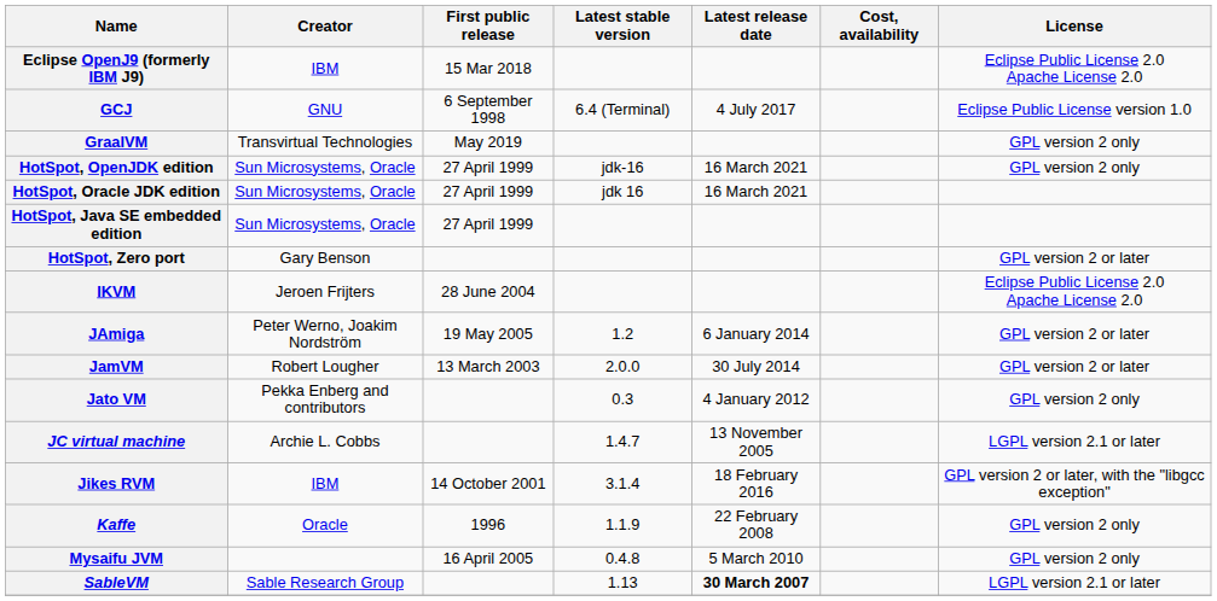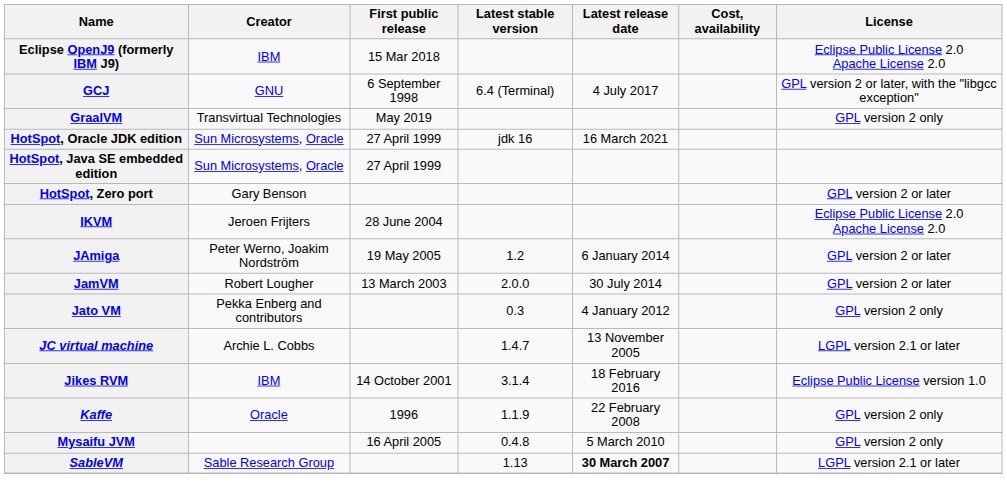 <table class="wikitable sortable sort-under" style="text-align: center; width: auto;">
 <tr>
 <th>Name</th>
 <th>Creator</th>
 <th data-sort-type="isodate">First public release</th>
 <th class="unsortable sort-under">Latest stable version</th>
 <th data-sort-type="isodate">Latest release date</th>
 <th>Cost, availability</th>
 <th>License</th>
 </tr>
 <tr>
 <th>Eclipse <a href='#'>OpenJ9</a> (formerly <a href='#'>IBM</a> J9)</th>
 <td><a href='#'>IBM</a></td>
 <td data-sort-value="2018-03-15">15 Mar 2018</td>
 <td></td>
 <td></td>
 <td></td>
 <td><a href='#'>Eclipse Public License</a> 2.0<br><a href='#'>Apache License</a> 2.0</td>
 </tr>
 <tr>
 <th><a href='#'>GCJ</a></th>
 <td><a href='#'>GNU</a></td>
 <td data-sort-value="1998-09-06">6 September 1998</td>
 <td>6.4 (Terminal)</td>
 <td data-sort-value="2017-07-04">4 July 2017</td>
 <td></td>
-<td><a href='#'>Eclipse Public License</a> version 1.0</td>
+<td><a href='#'>GPL</a> version 2 or later, with the "libgcc exception"</td>
 </tr>
 <tr>
 <th><a href='#'>GraalVM</a></th>
 <td>Transvirtual Technologies</td>
 <td data-sort-value="2019-05-01">May 2019</td>
 <td></td>
 <td></td>
-<td></td>
-<td><a href='#'>GPL</a> version 2 only</td>
-</tr>
-<tr>
-<th><a href='#'>HotSpot</a>, <a href='#'>OpenJDK</a> edition</th>
-<td><a href='#'>Sun Microsystems</a>, <a href='#'>Oracle</a></td>
-<td data-sort-value="1999-04-27">27 April 1999</td>
-<td>jdk-16</td>
-<td data-sort-value="2021-03-16">16 March 2021</td>
 <td></td>
 <td><a href='#'>GPL</a> version 2 only</td>
 </tr>
 <tr>
 <th><a href='#'>HotSpot</a>, Oracle JDK edition</th>
 <td><a href='#'>Sun Microsystems</a>, <a href='#'>Oracle</a></td>
 <td data-sort-value="1999-04-27">27 April 1999</td>
 <td>jdk 16</td>
 <td data-sort-value="2021-03-16">16 March 2021</td>
 <td></td>
 <td></td>
 </tr>
 <tr>
 <th><a href='#'>HotSpot</a>, Java SE embedded edition</th>
 <td><a href='#'>Sun Microsystems</a>, <a href='#'>Oracle</a></td>
 <td data-sort-value="1999-04-27">27 April 1999</td>
 <td></td>
 <td></td>
 <td></td>
 <td></td>
 </tr>
 <tr>
 <th><a href='#'>HotSpot</a>, Zero port</th>
 <td>Gary Benson</td>
 <td></td>
 <td></td>
 <td></td>
 <td></td>
 <td><a href='#'>GPL</a> version 2 or later</td>
 </tr>
 <tr>
 <th><a href='#'>IKVM</a></th>
 <td>Jeroen Frijters</td>
 <td data-sort-value="2004-06-28">28 June 2004</td>
 <td></td>
 <td></td>
 <td></td>
 <td><a href='#'>Eclipse Public License</a> 2.0<br><a href='#'>Apache License</a> 2.0</td>
 </tr>
 <tr>
 <th><a href='#'>JAmiga</a></th>
 <td>Peter Werno, Joakim Nordström</td>
 <td data-sort-value="2005-05-19">19 May 2005</td>
 <td>1.2</td>
 <td data-sort-value="2014-01-06">6 January 2014</td>
 <td></td>
 <td><a href='#'>GPL</a> version 2 or later</td>
 </tr>
 <tr>
 <th><a href='#'>JamVM</a></th>
 <td>Robert Lougher</td>
 <td data-sort-value="2003-03-13">13 March 2003</td>
 <td>2.0.0</td>
 <td data-sort-value="2014-06-30">30 July 2014</td>
 <td></td>
 <td><a href='#'>GPL</a> version 2 or later</td>
 </tr>
 <tr>
 <th><a href='#'>Jato VM</a></th>
 <td>Pekka Enberg and contributors</td>
 <td></td>
 <td>0.3</td>
 <td data-sort-value="2012-01-04">4 January 2012</td>
 <td></td>
 <td><a href='#'>GPL</a> version 2 only</td>
 </tr>
 <tr>
 <th><em><a href='#'>JC virtual machine</a></em></th>
 <td>Archie L. Cobbs</td>
 <td></td>
 <td>1.4.7</td>
 <td data-sort-value="2005-11-13">13 November 2005</td>
 <td></td>
 <td><a href='#'>LGPL</a> version 2.1 or later</td>
 </tr>
 <tr>
 <th><a href='#'>Jikes RVM</a></th>
 <td><a href='#'>IBM</a></td>
 <td data-sort-value="2001-10-14">14 October 2001</td>
 <td>3.1.4</td>
 <td data-sort-value="2016-02-18">18 February 2016</td>
 <td></td>
-<td><a href='#'>GPL</a> version 2 or later, with the "libgcc exception"</td>
+<td><a href='#'>Eclipse Public License</a> version 1.0</td>
 </tr>
 <tr>
 <th><em><a href='#'>Kaffe</a></em></th>
 <td><a href='#'>Oracle</a></td>
 <td data-sort-value="1996-01-01">1996</td>
 <td>1.1.9</td>
 <td data-sort-value="2008-02-22">22 February 2008</td>
 <td></td>
 <td><a href='#'>GPL</a> version 2 only</td>
 </tr>
 <tr>
 <th><a href='#'>Mysaifu JVM</a></th>
 <td></td>
 <td data-sort-value="2005-04-16">16 April 2005</td>
 <td>0.4.8</td>
 <td data-sort-value="2010-03-05">5 March 2010</td>
 <td></td>
 <td><a href='#'>GPL</a> version 2 only</td>
 </tr>
 <tr>
 <th><em><a href='#'>SableVM</a></em></th>
 <td><a href='#'>Sable Research Group</a></td>
 <td></td>
 <td>1.13</td>
 <td data-sort-value="2007-03-30"><strong>30 March 2007</strong></td>
 <td></td>
 <td><a href='#'>LGPL</a> version 2.1 or later</td>
 </tr>
 <tr>
 </tr>
 </table>
